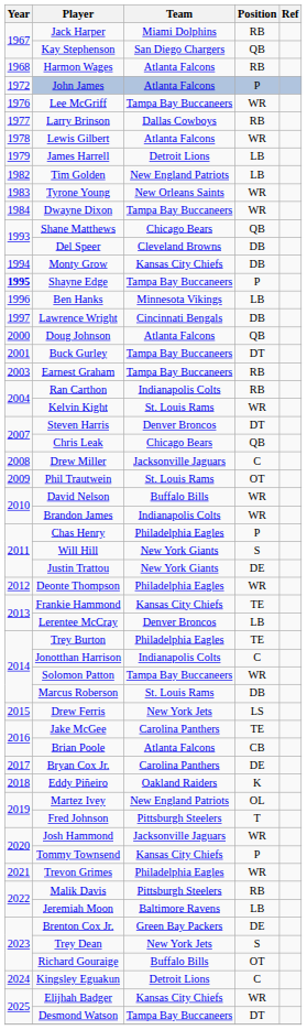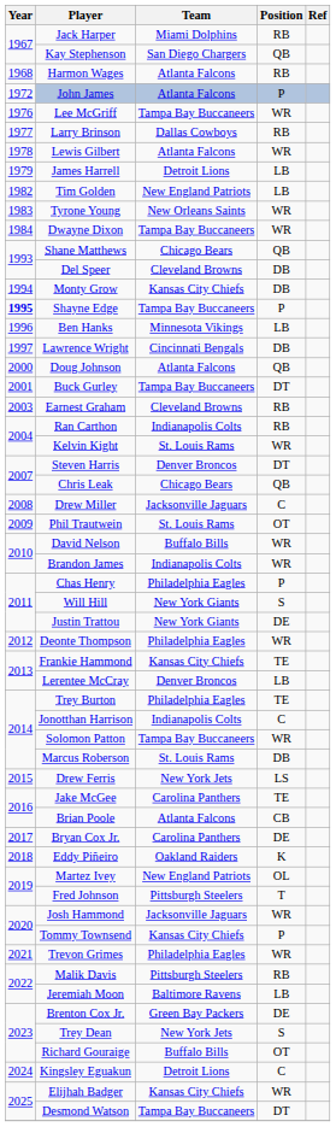 <table class="wikitable sortable" style="text-align: center;">
 <tr>
 <th>Year</th>
 <th>Player</th>
 <th>Team</th>
 <th>Position</th>
 <th>Ref</th>
 </tr>
 <tr>
 <td rowspan="2"><a href='#'>1967</a></td>
 <td><a href='#'>Jack Harper</a></td>
 <td><a href='#'>Miami Dolphins</a></td>
 <td>RB</td>
 <td></td>
 </tr>
 <tr>
 <td><a href='#'>Kay Stephenson</a></td>
 <td><a href='#'>San Diego Chargers</a></td>
 <td>QB</td>
 <td></td>
 </tr>
 <tr>
 <td><a href='#'>1968</a></td>
 <td><a href='#'>Harmon Wages</a></td>
 <td><a href='#'>Atlanta Falcons</a></td>
 <td>RB</td>
 <td></td>
 </tr>
 <tr>
 <td><a href='#'>1972</a></td>
 <td style="background-color:lightsteelblue"><a href='#'>John James</a></td>
 <td style="background-color:lightsteelblue"><a href='#'>Atlanta Falcons</a></td>
 <td style="background-color:lightsteelblue">P</td>
 <td style="background-color:lightsteelblue"></td>
 </tr>
 <tr>
 <td><a href='#'>1976</a></td>
 <td><a href='#'>Lee McGriff</a></td>
 <td><a href='#'>Tampa Bay Buccaneers</a></td>
 <td>WR</td>
 <td></td>
 </tr>
 <tr>
 <td><a href='#'>1977</a></td>
 <td><a href='#'>Larry Brinson</a></td>
 <td><a href='#'>Dallas Cowboys</a></td>
 <td>RB</td>
 <td></td>
 </tr>
 <tr>
 <td><a href='#'>1978</a></td>
 <td><a href='#'>Lewis Gilbert</a></td>
 <td><a href='#'>Atlanta Falcons</a></td>
 <td>WR</td>
 <td></td>
 </tr>
 <tr>
 <td><a href='#'>1979</a></td>
 <td><a href='#'>James Harrell</a></td>
 <td><a href='#'>Detroit Lions</a></td>
 <td>LB</td>
 <td></td>
 </tr>
 <tr>
 <td><a href='#'>1982</a></td>
 <td><a href='#'>Tim Golden</a></td>
 <td><a href='#'>New England Patriots</a></td>
 <td>LB</td>
 <td></td>
 </tr>
 <tr>
 <td><a href='#'>1983</a></td>
 <td><a href='#'>Tyrone Young</a></td>
 <td><a href='#'>New Orleans Saints</a></td>
 <td>WR</td>
 <td></td>
 </tr>
 <tr>
 <td><a href='#'>1984</a></td>
 <td><a href='#'>Dwayne Dixon</a></td>
 <td><a href='#'>Tampa Bay Buccaneers</a></td>
 <td>WR</td>
 <td></td>
 </tr>
 <tr>
 <td rowspan="2"><a href='#'>1993</a></td>
 <td><a href='#'>Shane Matthews</a></td>
 <td><a href='#'>Chicago Bears</a></td>
 <td>QB</td>
 <td></td>
 </tr>
 <tr>
 <td><a href='#'>Del Speer</a></td>
 <td><a href='#'>Cleveland Browns</a></td>
 <td>DB</td>
 <td></td>
 </tr>
 <tr>
 <td><a href='#'>1994</a></td>
 <td><a href='#'>Monty Grow</a></td>
 <td><a href='#'>Kansas City Chiefs</a></td>
 <td>DB</td>
 <td></td>
 </tr>
 <tr>
 <td><strong><a href='#'>1995</a></strong></td>
 <td><a href='#'>Shayne Edge</a></td>
 <td><a href='#'>Tampa Bay Buccaneers</a></td>
 <td>P</td>
 <td></td>
 </tr>
 <tr>
 <td><a href='#'>1996</a></td>
 <td><a href='#'>Ben Hanks</a></td>
 <td><a href='#'>Minnesota Vikings</a></td>
 <td>LB</td>
 <td></td>
 </tr>
 <tr>
 <td><a href='#'>1997</a></td>
 <td><a href='#'>Lawrence Wright</a></td>
 <td><a href='#'>Cincinnati Bengals</a></td>
 <td>DB</td>
 <td></td>
 </tr>
 <tr>
 <td><a href='#'>2000</a></td>
 <td><a href='#'>Doug Johnson</a></td>
 <td><a href='#'>Atlanta Falcons</a></td>
 <td>QB</td>
 <td></td>
 </tr>
 <tr>
 <td><a href='#'>2001</a></td>
 <td><a href='#'>Buck Gurley</a></td>
 <td><a href='#'>Tampa Bay Buccaneers</a></td>
 <td>DT</td>
 <td></td>
 </tr>
 <tr>
 <td><a href='#'>2003</a></td>
 <td><a href='#'>Earnest Graham</a></td>
-<td><a href='#'>Tampa Bay Buccaneers</a></td>
+<td><a href='#'>Cleveland Browns</a></td>
 <td>RB</td>
 <td></td>
 </tr>
 <tr>
 <td rowspan="2"><a href='#'>2004</a></td>
 <td><a href='#'>Ran Carthon</a></td>
 <td><a href='#'>Indianapolis Colts</a></td>
 <td>RB</td>
 <td></td>
 </tr>
 <tr>
 <td><a href='#'>Kelvin Kight</a></td>
 <td><a href='#'>St. Louis Rams</a></td>
 <td>WR</td>
 <td></td>
 </tr>
 <tr>
 <td rowspan="2"><a href='#'>2007</a></td>
 <td><a href='#'>Steven Harris</a></td>
 <td><a href='#'>Denver Broncos</a></td>
 <td>DT</td>
 <td></td>
 </tr>
 <tr>
 <td><a href='#'>Chris Leak</a></td>
 <td><a href='#'>Chicago Bears</a></td>
 <td>QB</td>
 <td></td>
 </tr>
 <tr>
 <td><a href='#'>2008</a></td>
 <td><a href='#'>Drew Miller</a></td>
 <td><a href='#'>Jacksonville Jaguars</a></td>
 <td>C</td>
 <td></td>
 </tr>
 <tr>
 <td><a href='#'>2009</a></td>
 <td><a href='#'>Phil Trautwein</a></td>
 <td><a href='#'>St. Louis Rams</a></td>
 <td>OT</td>
 <td></td>
 </tr>
 <tr>
 <td rowspan="2"><a href='#'>2010</a></td>
 <td><a href='#'>David Nelson</a></td>
 <td><a href='#'>Buffalo Bills</a></td>
 <td>WR</td>
 <td></td>
 </tr>
 <tr>
 <td><a href='#'>Brandon James</a></td>
 <td><a href='#'>Indianapolis Colts</a></td>
 <td>WR</td>
 <td></td>
 </tr>
 <tr>
 <td rowspan="3"><a href='#'>2011</a></td>
 <td><a href='#'>Chas Henry</a></td>
 <td><a href='#'>Philadelphia Eagles</a></td>
 <td>P</td>
 <td></td>
 </tr>
 <tr>
 <td><a href='#'>Will Hill</a></td>
 <td><a href='#'>New York Giants</a></td>
 <td>S</td>
 <td></td>
 </tr>
 <tr>
 <td><a href='#'>Justin Trattou</a></td>
 <td><a href='#'>New York Giants</a></td>
 <td>DE</td>
 <td></td>
 </tr>
 <tr>
 <td><a href='#'>2012</a></td>
 <td><a href='#'>Deonte Thompson</a></td>
 <td><a href='#'>Philadelphia Eagles</a></td>
 <td>WR</td>
 <td></td>
 </tr>
 <tr>
 <td rowspan="2"><a href='#'>2013</a></td>
 <td><a href='#'>Frankie Hammond</a></td>
 <td><a href='#'>Kansas City Chiefs</a></td>
 <td>TE</td>
 <td></td>
 </tr>
 <tr>
 <td><a href='#'>Lerentee McCray</a></td>
 <td><a href='#'>Denver Broncos</a></td>
 <td>LB</td>
 <td></td>
 </tr>
 <tr>
 <td rowspan="4"><a href='#'>2014</a></td>
 <td><a href='#'>Trey Burton</a></td>
 <td><a href='#'>Philadelphia Eagles</a></td>
 <td>TE</td>
 <td></td>
 </tr>
 <tr>
 <td><a href='#'>Jonotthan Harrison</a></td>
 <td><a href='#'>Indianapolis Colts</a></td>
 <td>C</td>
 <td></td>
 </tr>
 <tr>
 <td><a href='#'>Solomon Patton</a></td>
 <td><a href='#'>Tampa Bay Buccaneers</a></td>
 <td>WR</td>
 <td></td>
 </tr>
 <tr>
 <td><a href='#'>Marcus Roberson</a></td>
 <td><a href='#'>St. Louis Rams</a></td>
 <td>DB</td>
 <td></td>
 </tr>
 <tr>
 <td><a href='#'>2015</a></td>
 <td><a href='#'>Drew Ferris</a></td>
 <td><a href='#'>New York Jets</a></td>
 <td>LS</td>
 <td></td>
 </tr>
 <tr>
 <td rowspan="2"><a href='#'>2016</a></td>
 <td><a href='#'>Jake McGee</a></td>
 <td><a href='#'>Carolina Panthers</a></td>
 <td>TE</td>
 <td></td>
 </tr>
 <tr>
 <td><a href='#'>Brian Poole</a></td>
 <td><a href='#'>Atlanta Falcons</a></td>
 <td>CB</td>
 <td></td>
 </tr>
 <tr>
 <td><a href='#'>2017</a></td>
 <td><a href='#'>Bryan Cox Jr.</a></td>
 <td><a href='#'>Carolina Panthers</a></td>
 <td>DE</td>
 <td></td>
 </tr>
 <tr>
 <td><a href='#'>2018</a></td>
 <td><a href='#'>Eddy Piñeiro</a></td>
 <td><a href='#'>Oakland Raiders</a></td>
 <td>K</td>
 <td></td>
 </tr>
 <tr>
 <td rowspan="2"><a href='#'>2019</a></td>
 <td><a href='#'>Martez Ivey</a></td>
 <td><a href='#'>New England Patriots</a></td>
 <td>OL</td>
 <td></td>
 </tr>
 <tr>
 <td><a href='#'>Fred Johnson</a></td>
 <td><a href='#'>Pittsburgh Steelers</a></td>
 <td>T</td>
 <td></td>
 </tr>
 <tr>
 <td rowspan="2"><a href='#'>2020</a></td>
 <td><a href='#'>Josh Hammond</a></td>
 <td><a href='#'>Jacksonville Jaguars</a></td>
 <td>WR</td>
 <td></td>
 </tr>
 <tr>
 <td><a href='#'>Tommy Townsend</a></td>
 <td><a href='#'>Kansas City Chiefs</a></td>
 <td>P</td>
 <td></td>
 </tr>
 <tr>
 <td><a href='#'>2021</a></td>
 <td><a href='#'>Trevon Grimes</a></td>
 <td><a href='#'>Philadelphia Eagles</a></td>
 <td>WR</td>
 <td></td>
 </tr>
 <tr>
 <td rowspan="2"><a href='#'>2022</a></td>
 <td><a href='#'>Malik Davis</a></td>
 <td><a href='#'>Pittsburgh Steelers</a></td>
 <td>RB</td>
 <td></td>
 </tr>
 <tr>
 <td><a href='#'>Jeremiah Moon</a></td>
 <td><a href='#'>Baltimore Ravens</a></td>
 <td>LB</td>
 <td></td>
 </tr>
 <tr>
 <td rowspan="3"><a href='#'>2023</a></td>
 <td><a href='#'>Brenton Cox Jr.</a></td>
 <td><a href='#'>Green Bay Packers</a></td>
 <td>DE</td>
 <td></td>
 </tr>
 <tr>
 <td><a href='#'>Trey Dean</a></td>
 <td><a href='#'>New York Jets</a></td>
 <td>S</td>
 <td></td>
 </tr>
 <tr>
 <td><a href='#'>Richard Gouraige</a></td>
 <td><a href='#'>Buffalo Bills</a></td>
 <td>OT</td>
 <td></td>
 </tr>
 <tr>
 <td><a href='#'>2024</a></td>
 <td><a href='#'>Kingsley Eguakun</a></td>
 <td><a href='#'>Detroit Lions</a></td>
 <td>C</td>
 <td></td>
 </tr>
 <tr>
 <td rowspan="2"><a href='#'>2025</a></td>
 <td><a href='#'>Elijhah Badger</a></td>
 <td><a href='#'>Kansas City Chiefs</a></td>
 <td>WR</td>
 <td></td>
 </tr>
 <tr>
 <td><a href='#'>Desmond Watson</a></td>
 <td><a href='#'>Tampa Bay Buccaneers</a></td>
 <td>DT</td>
 <td></td>
 </tr>
 <tr>
 </tr>
 </table>
